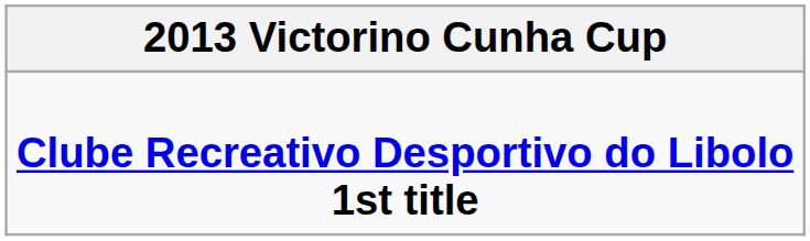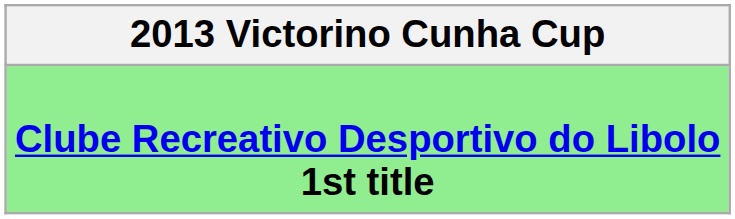 <table class=wikitable style="text-align:center; margin:auto">
 <tr>
 <th>2013 Victorino Cunha Cup</th>
 </tr>
 <tr>
-<td><br><strong><a href='#'>Clube Recreativo Desportivo do Libolo</a></strong><br><strong>1st title</strong></td>
+<td style="background: lightgreen;"><br><strong><a href='#'>Clube Recreativo Desportivo do Libolo</a></strong><br><strong>1st title</strong></td>
 </tr>
 </table>
